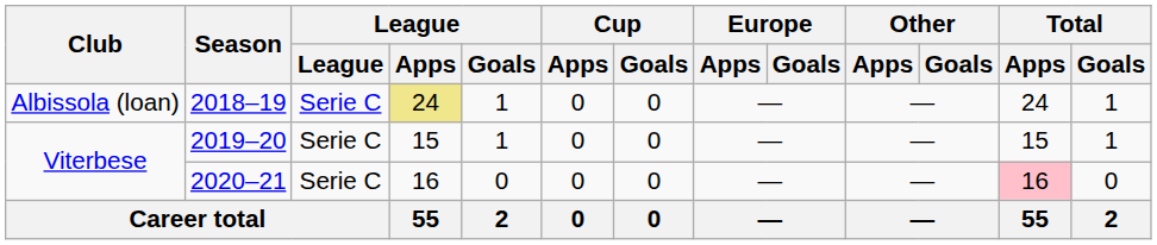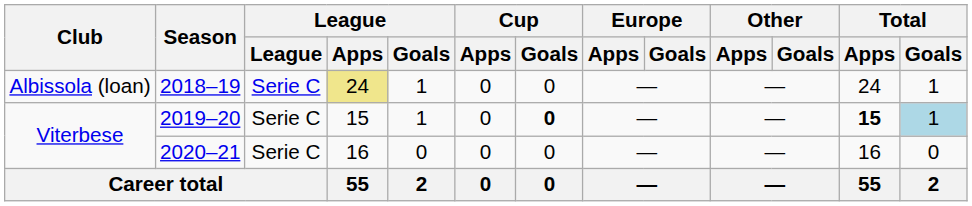 <table class="wikitable" style="text-align: center;">
 <tr>
 <th rowspan="2">Club</th>
 <th rowspan="2">Season</th>
 <th colspan="3">League</th>
 <th colspan="2">Cup</th>
 <th colspan="2">Europe</th>
 <th colspan="2">Other</th>
 <th colspan="2">Total</th>
 </tr>
 <tr>
 <th>League</th>
 <th>Apps</th>
 <th>Goals</th>
 <th>Apps</th>
 <th>Goals</th>
 <th>Apps</th>
 <th>Goals</th>
 <th>Apps</th>
 <th>Goals</th>
 <th>Apps</th>
 <th>Goals</th>
 </tr>
 <tr>
 <td><a href='#'>Albissola</a> (loan)</td>
 <td><a href='#'>2018–19</a></td>
 <td><a href='#'>Serie C</a></td>
 <td style="background: khaki;">24</td>
 <td>1</td>
 <td>0</td>
 <td>0</td>
 <td colspan="2">—</td>
 <td colspan="2">—</td>
 <td>24</td>
 <td>1</td>
 </tr>
 <tr>
 <td rowspan="2"><a href='#'>Viterbese</a></td>
 <td><a href='#'>2019–20</a></td>
 <td>Serie C</td>
 <td>15</td>
 <td>1</td>
 <td>0</td>
-<td>0</td>
+<td><strong>0</strong></td>
 <td colspan="2">—</td>
 <td colspan="2">—</td>
-<td>15</td>
-<td>1</td>
+<td><strong>15</strong></td>
+<td style="background: lightblue;">1</td>
 </tr>
 <tr>
 <td><a href='#'>2020–21</a></td>
 <td>Serie C</td>
 <td>16</td>
 <td>0</td>
 <td>0</td>
 <td>0</td>
 <td colspan="2">—</td>
 <td colspan="2">—</td>
-<td style="background: pink;">16</td>
+<td>16</td>
 <td>0</td>
 </tr>
 <tr>
 <th colspan="3">Career total</th>
 <th>55</th>
 <th>2</th>
 <th>0</th>
 <th>0</th>
 <th colspan="2">—</th>
 <th colspan="2">—</th>
 <th>55</th>
 <th>2</th>
 </tr>
 </table>
